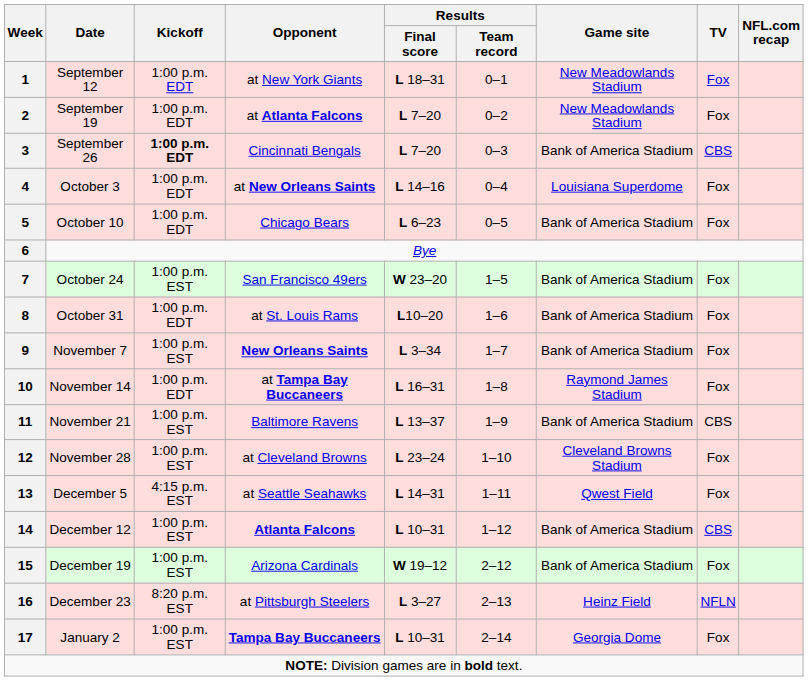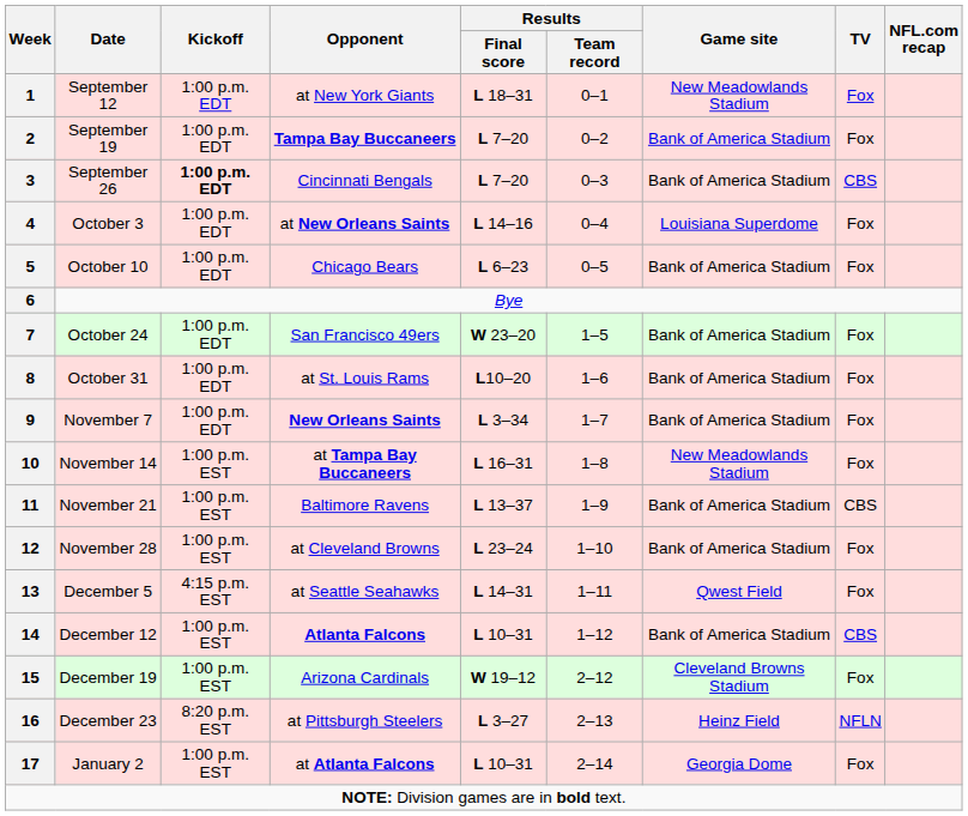 <table class="wikitable" align="center" style="font-size: 92%">
 <tr>
 <th rowspan="2">Week</th>
 <th rowspan="2">Date</th>
 <th rowspan="2">Kickoff</th>
 <th rowspan="2">Opponent</th>
 <th colspan="2">Results</th>
 <th rowspan="2">Game site</th>
 <th rowspan="2">TV</th>
 <th rowspan="2">NFL.com<br>recap</th>
 </tr>
 <tr>
 <th>Final score</th>
 <th>Team record</th>
 </tr>
 <tr style="background:#fdd;">
 <th>1</th>
 <td style="text-align:center;">September 12</td>
 <td style="text-align:center;">1:00 p.m. <a href='#'>EDT</a></td>
 <td style="text-align:center;">at <a href='#'>New York Giants</a></td>
 <td style="text-align:center;"><strong>L</strong> 18–31</td>
 <td style="text-align:center;">0–1</td>
 <td style="text-align:center;"><a href='#'>New Meadowlands Stadium</a></td>
 <td style="text-align:center;"><a href='#'>Fox</a></td>
 <td style="text-align:center;"></td>
 </tr>
 <tr style="background:#fdd;">
 <th>2</th>
 <td style="text-align:center;">September 19</td>
 <td style="text-align:center;">1:00 p.m. EDT</td>
-<td style="text-align:center;">at <strong><a href='#'>Atlanta Falcons</a></strong></td>
+<td style="text-align:center;"><strong><a href='#'>Tampa Bay Buccaneers</a></strong></td>
 <td style="text-align:center;"><strong>L</strong> 7–20</td>
 <td style="text-align:center;">0–2</td>
-<td style="text-align:center;"><a href='#'>New Meadowlands Stadium</a></td>
+<td style="text-align:center;"><a href='#'>Bank of America Stadium</a></td>
 <td style="text-align:center;">Fox</td>
 <td style="text-align:center;"></td>
 </tr>
 <tr style="background:#fdd;">
 <th>3</th>
 <td style="text-align:center;">September 26</td>
 <td style="text-align:center;"><strong>1:00 p.m. EDT</strong></td>
 <td style="text-align:center;"><a href='#'>Cincinnati Bengals</a></td>
 <td style="text-align:center;"><strong>L</strong> 7–20</td>
 <td style="text-align:center;">0–3</td>
 <td style="text-align:center;">Bank of America Stadium</td>
 <td style="text-align:center;"><a href='#'>CBS</a></td>
 <td style="text-align:center;"></td>
 </tr>
 <tr style="background:#fdd;">
 <th>4</th>
 <td style="text-align:center;">October 3</td>
 <td style="text-align:center;">1:00 p.m. EDT</td>
 <td style="text-align:center;">at <strong><a href='#'>New Orleans Saints</a></strong></td>
 <td style="text-align:center;"><strong>L</strong> 14–16</td>
 <td style="text-align:center;">0–4</td>
 <td style="text-align:center;"><a href='#'>Louisiana Superdome</a></td>
 <td style="text-align:center;">Fox</td>
 <td style="text-align:center;"></td>
 </tr>
 <tr style="background:#fdd;">
 <th>5</th>
 <td style="text-align:center;">October 10</td>
 <td style="text-align:center;">1:00 p.m. EDT</td>
 <td style="text-align:center;"><a href='#'>Chicago Bears</a></td>
 <td style="text-align:center;"><strong>L</strong> 6–23</td>
 <td style="text-align:center;">0–5</td>
 <td style="text-align:center;">Bank of America Stadium</td>
 <td style="text-align:center;">Fox</td>
 <td style="text-align:center;"></td>
 </tr>
 <tr>
 <th>6</th>
 <td colspan="8" style="text-align:center;"><em><a href='#'>Bye</a></em></td>
 </tr>
 <tr style="background:#dfd;">
 <th>7</th>
 <td style="text-align:center;">October 24</td>
-<td style="text-align:center;">1:00 p.m. EST</td>
+<td style="text-align:center;">1:00 p.m. EDT</td>
 <td style="text-align:center;"><a href='#'>San Francisco 49ers</a></td>
 <td style="text-align:center;"><strong>W</strong> 23–20</td>
 <td style="text-align:center;">1–5</td>
 <td style="text-align:center;">Bank of America Stadium</td>
 <td style="text-align:center;">Fox</td>
 <td style="text-align:center;"></td>
 </tr>
 <tr style="background:#fdd;">
 <th>8</th>
 <td style="text-align:center;">October 31</td>
 <td style="text-align:center;">1:00 p.m. EDT</td>
 <td style="text-align:center;">at <a href='#'>St. Louis Rams</a></td>
 <td style="text-align:center;"><strong>L</strong>10–20</td>
 <td style="text-align:center;">1–6</td>
 <td style="text-align:center;">Bank of America Stadium</td>
 <td style="text-align:center;">Fox</td>
 <td style="text-align:center;"></td>
 </tr>
 <tr style="background:#fdd;">
 <th>9</th>
 <td style="text-align:center;">November 7</td>
-<td style="text-align:center;">1:00 p.m. EST</td>
+<td style="text-align:center;">1:00 p.m. EDT</td>
 <td style="text-align:center;"><strong><a href='#'>New Orleans Saints</a></strong></td>
 <td style="text-align:center;"><strong>L</strong> 3–34</td>
 <td style="text-align:center;">1–7</td>
 <td style="text-align:center;">Bank of America Stadium</td>
 <td style="text-align:center;">Fox</td>
 <td style="text-align:center;"></td>
 </tr>
 <tr style="background:#fdd;">
 <th>10</th>
 <td style="text-align:center;">November 14</td>
-<td style="text-align:center;">1:00 p.m. EDT</td>
+<td style="text-align:center;">1:00 p.m. EST</td>
 <td style="text-align:center;">at <strong><a href='#'>Tampa Bay Buccaneers</a></strong></td>
 <td style="text-align:center;"><strong>L</strong> 16–31</td>
 <td style="text-align:center;">1–8</td>
-<td style="text-align:center;"><a href='#'>Raymond James Stadium</a></td>
+<td style="text-align:center;"><a href='#'>New Meadowlands Stadium</a></td>
 <td style="text-align:center;">Fox</td>
 <td style="text-align:center;"></td>
 </tr>
 <tr style="background:#fdd;">
 <th>11</th>
 <td style="text-align:center;">November 21</td>
 <td style="text-align:center;">1:00 p.m. EST</td>
 <td style="text-align:center;"><a href='#'>Baltimore Ravens</a></td>
 <td style="text-align:center;"><strong>L</strong> 13–37</td>
 <td style="text-align:center;">1–9</td>
 <td style="text-align:center;">Bank of America Stadium</td>
 <td style="text-align:center;">CBS</td>
 <td style="text-align:center;"></td>
 </tr>
 <tr style="background:#fdd;">
 <th>12</th>
 <td style="text-align:center;">November 28</td>
 <td style="text-align:center;">1:00 p.m. EST</td>
 <td style="text-align:center;">at <a href='#'>Cleveland Browns</a></td>
 <td style="text-align:center;"><strong>L</strong> 23–24</td>
 <td style="text-align:center;">1–10</td>
-<td style="text-align:center;"><a href='#'>Cleveland Browns Stadium</a></td>
+<td style="text-align:center;">Bank of America Stadium</td>
 <td style="text-align:center;">Fox</td>
 <td style="text-align:center;"></td>
 </tr>
 <tr style="background:#fdd;">
 <th>13</th>
 <td style="text-align:center;">December 5</td>
 <td style="text-align:center;">4:15 p.m. EST</td>
 <td style="text-align:center;">at <a href='#'>Seattle Seahawks</a></td>
 <td style="text-align:center;"><strong>L</strong> 14–31</td>
 <td style="text-align:center;">1–11</td>
 <td style="text-align:center;"><a href='#'>Qwest Field</a></td>
 <td style="text-align:center;">Fox</td>
 <td style="text-align:center;"></td>
 </tr>
 <tr style="background:#fdd;">
 <th>14</th>
 <td style="text-align:center;">December 12</td>
 <td style="text-align:center;">1:00 p.m. EST</td>
 <td style="text-align:center;"><strong><a href='#'>Atlanta Falcons</a></strong></td>
 <td style="text-align:center;"><strong>L</strong> 10–31</td>
 <td style="text-align:center;">1–12</td>
 <td style="text-align:center;">Bank of America Stadium</td>
 <td style="text-align:center;"><a href='#'>CBS</a></td>
 <td style="text-align:center;"></td>
 </tr>
 <tr style="background:#dfd;">
 <th>15</th>
 <td style="text-align:center;">December 19</td>
 <td style="text-align:center;">1:00 p.m. EST</td>
 <td style="text-align:center;"><a href='#'>Arizona Cardinals</a></td>
 <td style="text-align:center;"><strong>W</strong> 19–12</td>
 <td style="text-align:center;">2–12</td>
-<td style="text-align:center;">Bank of America Stadium</td>
+<td style="text-align:center;"><a href='#'>Cleveland Browns Stadium</a></td>
 <td style="text-align:center;">Fox</td>
 <td style="text-align:center;"></td>
 </tr>
 <tr style="background:#fdd;">
 <th>16</th>
 <td style="text-align:center;">December 23</td>
 <td style="text-align:center;">8:20 p.m. EST</td>
 <td style="text-align:center;">at <a href='#'>Pittsburgh Steelers</a></td>
 <td style="text-align:center;"><strong>L</strong> 3–27</td>
 <td style="text-align:center;">2–13</td>
 <td style="text-align:center;"><a href='#'>Heinz Field</a></td>
 <td style="text-align:center;"><a href='#'>NFLN</a></td>
 <td style="text-align:center;"></td>
 </tr>
 <tr style="background:#fdd;">
 <th>17</th>
 <td style="text-align:center;">January 2</td>
 <td style="text-align:center;">1:00 p.m. EST</td>
-<td style="text-align:center;"><strong><a href='#'>Tampa Bay Buccaneers</a></strong></td>
+<td style="text-align:center;">at <strong><a href='#'>Atlanta Falcons</a></strong></td>
 <td style="text-align:center;"><strong>L</strong> 10–31</td>
 <td style="text-align:center;">2–14</td>
 <td style="text-align:center;"><a href='#'>Georgia Dome</a></td>
 <td style="text-align:center;">Fox</td>
 <td style="text-align:center;"></td>
 </tr>
 <tr>
 <td colspan="9" style="text-align:center; "><strong>NOTE:</strong> Division games are in <strong>bold</strong> text.</td>
 </tr>
 </table>
